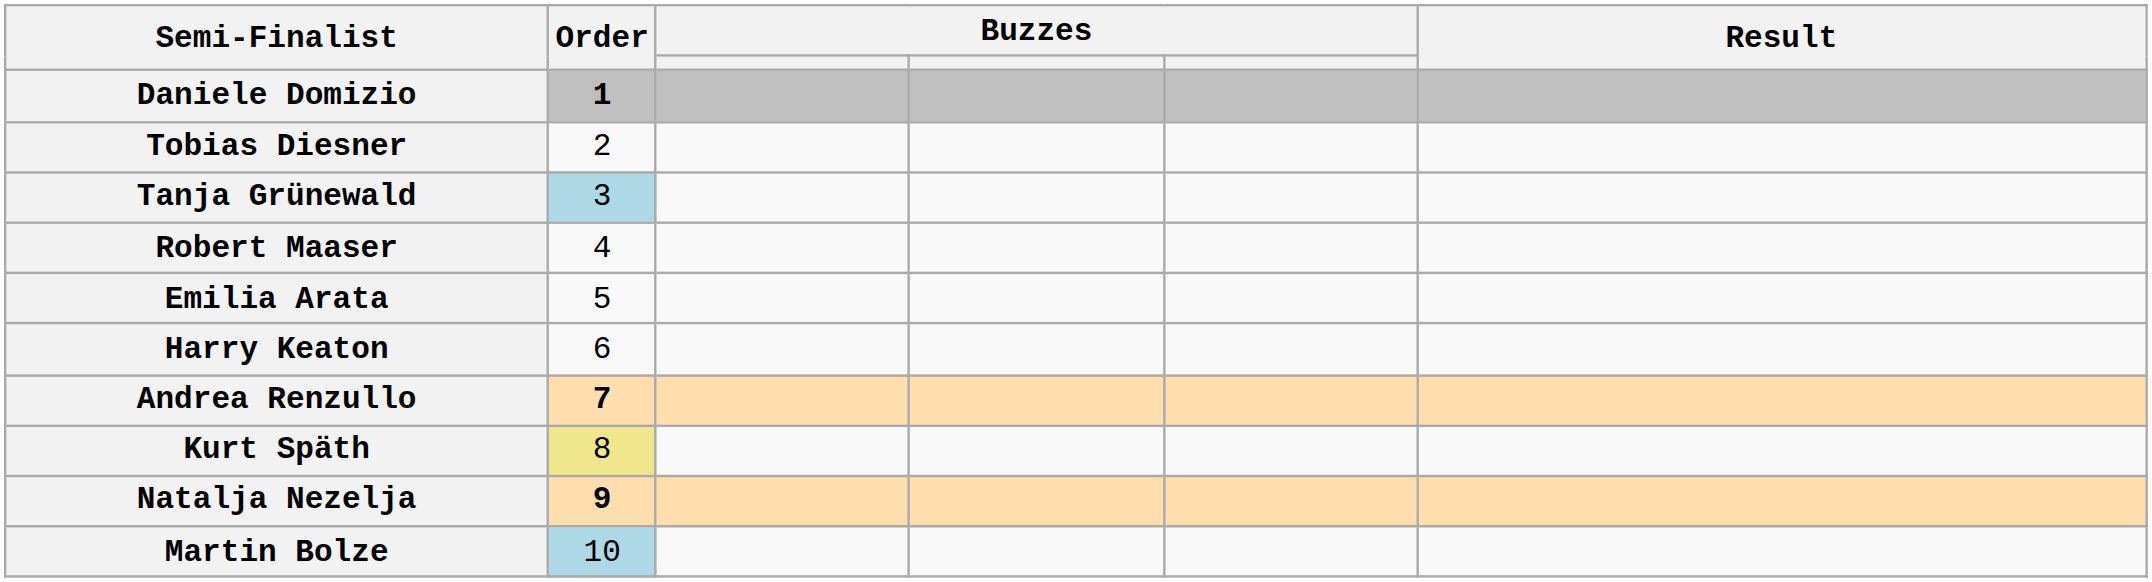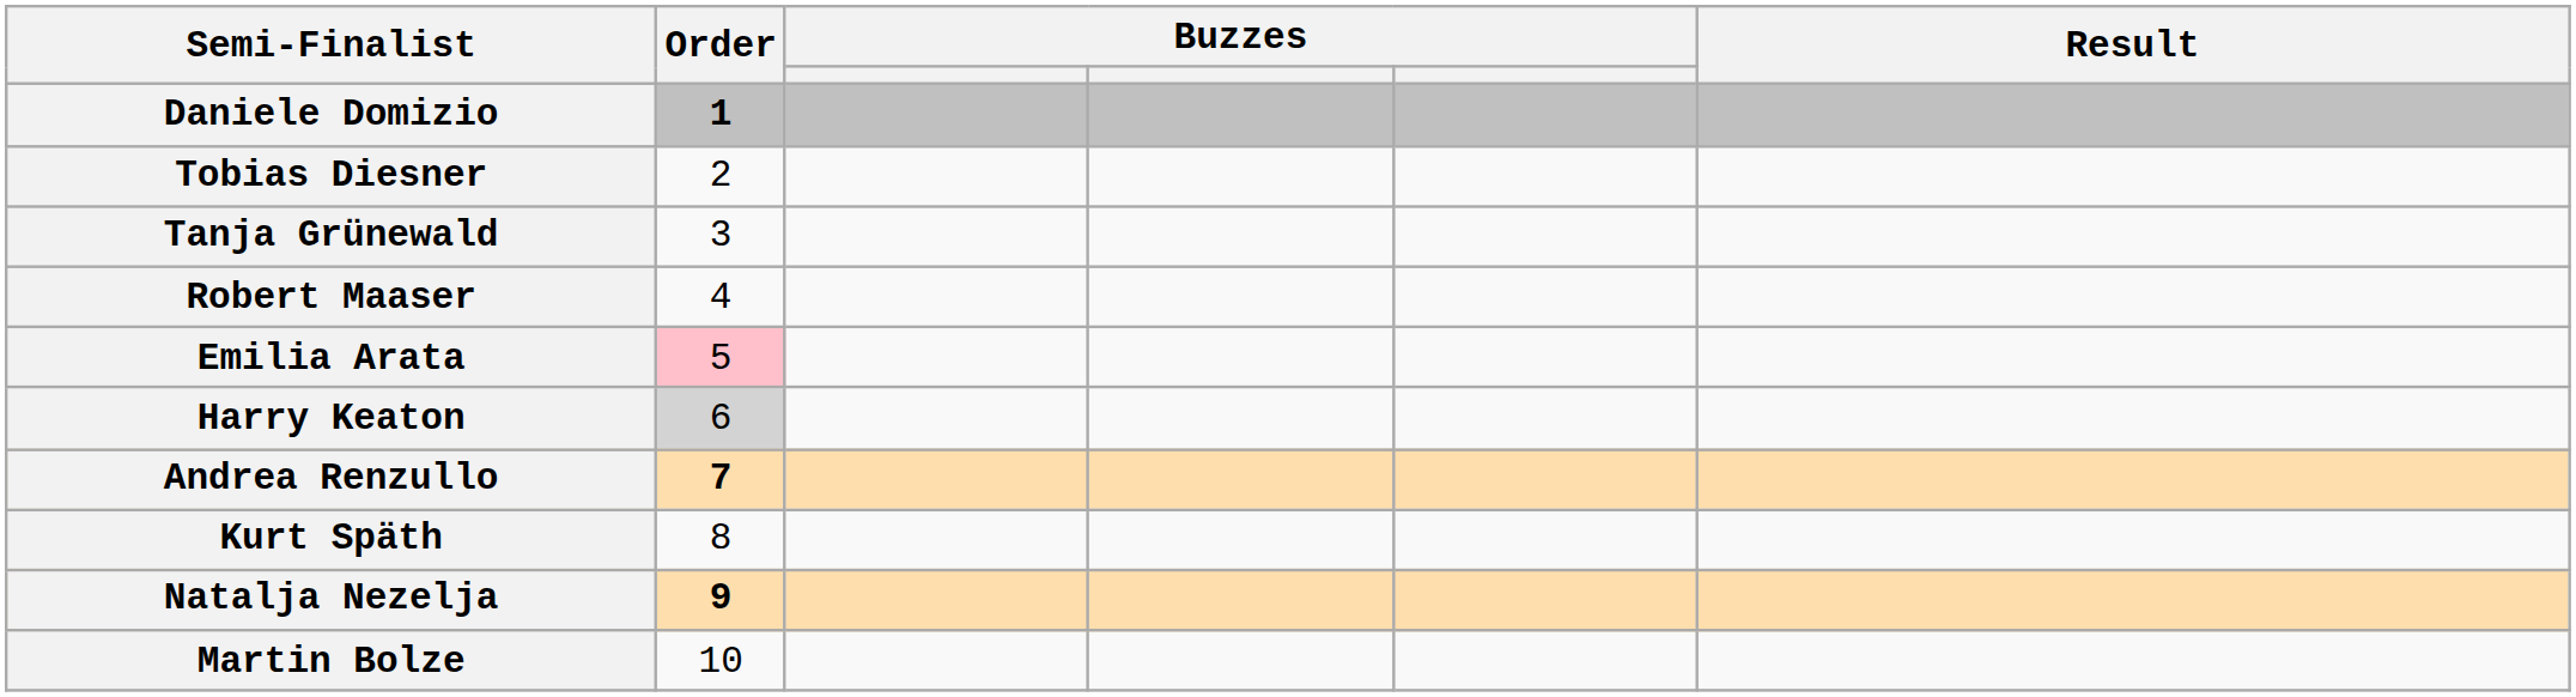 <table class="wikitable plainrowheaders sortable" style="text-align:center;">
 <tr>
 <th scope="col" rowspan="2" class="unsortable" style="width:17em;">Semi-Finalist</th>
 <th scope="col" rowspan="2" style="width:1em;">Order</th>
 <th scope="col" colspan="3" class="unsortable" style="width:24em;">Buzzes</th>
 <th scope="col" rowspan="2" style="width:23em;">Result</th>
 </tr>
 <tr>
 <th scope="col" class="unsortable" style="width:6em;"></th>
 <th scope="col" class="unsortable" style="width:6em;"></th>
 <th scope="col" class="unsortable" style="width:6em;"></th>
 </tr>
 <tr style="background:silver;">
 <th scope="row"><strong>Daniele Domizio</strong></th>
 <td><strong>1</strong></td>
 <td style="text-align:center;"></td>
 <td style="text-align:center;"></td>
 <td style="text-align:center;"></td>
 <td><strong></strong></td>
 </tr>
 <tr>
 <th scope="row">Tobias Diesner</th>
 <td>2</td>
 <td style="text-align:center;"></td>
 <td style="text-align:center;"></td>
 <td style="text-align:center;"></td>
 <td></td>
 </tr>
 <tr>
 <th scope="row">Tanja Grünewald</th>
-<td style="background: lightblue;">3</td>
+<td>3</td>
 <td style="text-align:center;"></td>
 <td style="text-align:center;"></td>
 <td style="text-align:center;"></td>
 <td></td>
 </tr>
 <tr>
 <th scope="row">Robert Maaser</th>
 <td>4</td>
 <td style="text-align:center;"></td>
 <td style="text-align:center;"></td>
 <td style="text-align:center;"></td>
 <td></td>
 </tr>
 <tr>
 <th scope="row">Emilia Arata</th>
-<td>5</td>
+<td style="background: pink;">5</td>
 <td style="text-align:center;"></td>
 <td style="text-align:center;"></td>
 <td style="text-align:center;"></td>
 <td></td>
 </tr>
 <tr>
 <th scope="row">Harry Keaton</th>
-<td>6</td>
+<td style="background: lightgrey;">6</td>
 <td style="text-align:center;"></td>
 <td style="text-align:center;"></td>
 <td style="text-align:center;"></td>
 <td></td>
 </tr>
 <tr style="background:NavajoWhite;">
 <th scope="row"><strong>Andrea Renzullo</strong></th>
 <td><strong>7</strong></td>
 <td style="text-align:center;"></td>
 <td style="text-align:center;"></td>
 <td style="text-align:center;"></td>
 <td><strong></strong></td>
 </tr>
 <tr>
 <th scope="row">Kurt Späth</th>
-<td style="background: khaki;">8</td>
+<td>8</td>
 <td style="text-align:center;"></td>
 <td style="text-align:center;"></td>
 <td style="text-align:center;"></td>
 <td></td>
 </tr>
 <tr style="background:NavajoWhite;">
 <th scope="row"><strong>Natalja Nezelja</strong></th>
 <td><strong>9</strong></td>
 <td style="text-align:center;"></td>
 <td style="text-align:center;"></td>
 <td style="text-align:center;"></td>
 <td><strong></strong></td>
 </tr>
 <tr>
 <th scope="row">Martin Bolze</th>
-<td style="background: lightblue;">10</td>
+<td>10</td>
 <td style="text-align:center;"></td>
 <td style="text-align:center;"></td>
 <td style="text-align:center;"></td>
 <td></td>
 </tr>
 </table>
